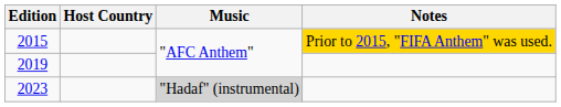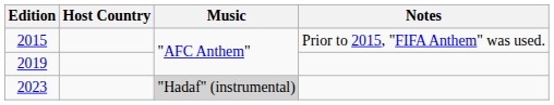 <table class="wikitable">
 <tr>
 <th>Edition</th>
 <th>Host Country</th>
 <th>Music</th>
 <th>Notes</th>
 </tr>
 <tr>
 <td align=center><a href='#'>2015</a></td>
 <td></td>
 <td rowspan="2">"<a href='#'>AFC Anthem</a>"</td>
-<td style="background: gold;">Prior to <a href='#'>2015</a>, "<a href='#'>FIFA Anthem</a>" was used.</td>
+<td>Prior to <a href='#'>2015</a>, "<a href='#'>FIFA Anthem</a>" was used.</td>
 </tr>
 <tr>
 <td align=center><a href='#'>2019</a></td>
 <td></td>
 <td></td>
 </tr>
 <tr>
 <td align=center><a href='#'>2023</a></td>
 <td></td>
 <td style="background: lightgrey;">"Hadaf" (instrumental)</td>
 </tr>
 </table>
